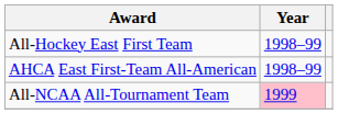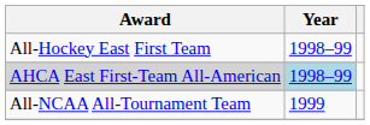 <table class="wikitable">
 <tr>
 <th>Award</th>
 <th>Year</th>
 <th></th>
 </tr>
 <tr>
 <td>All-<a href='#'>Hockey East</a> <a href='#'>First Team</a></td>
 <td><a href='#'>1998–99</a></td>
 <td></td>
 </tr>
 <tr>
-<td><a href='#'>AHCA</a> <a href='#'>East First-Team All-American</a></td>
-<td><a href='#'>1998–99</a></td>
+<td style="background: lightgrey;"><a href='#'>AHCA</a> <a href='#'>East First-Team All-American</a></td>
+<td style="background: lightblue;"><a href='#'>1998–99</a></td>
 <td></td>
 </tr>
 <tr>
 <td>All-<a href='#'>NCAA</a> <a href='#'>All-Tournament Team</a></td>
-<td style="background: pink;"><a href='#'>1999</a></td>
+<td><a href='#'>1999</a></td>
 <td></td>
 </tr>
 <tr>
 </tr>
 </table>
